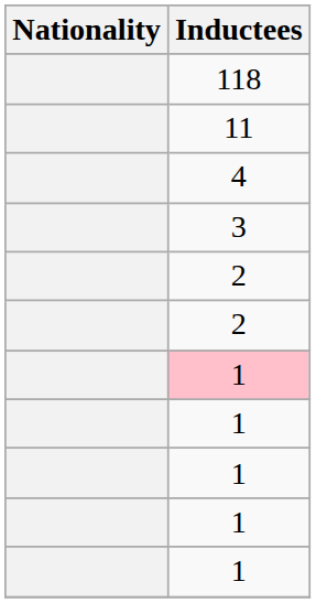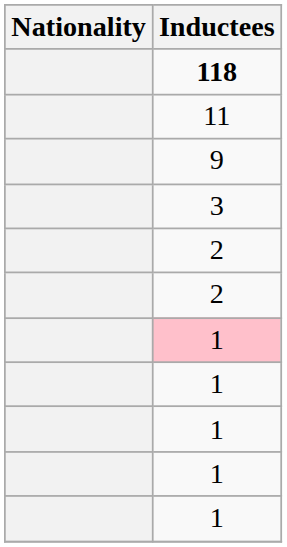 <table class="sortable wikitable plainrowheaders" style="text-align:center">
 <tr>
 <th scope=col>Nationality</th>
 <th scope=col data-sort-type=number>Inductees</th>
 </tr>
 <tr>
 <th scope="row"></th>
-<td>118</td>
+<td><strong>118</strong></td>
 </tr>
 <tr>
 <th scope="row"></th>
 <td>11</td>
 </tr>
 <tr>
 <th scope="row"></th>
-<td>4</td>
+<td>9</td>
 </tr>
 <tr>
 <th scope="row"></th>
 <td>3</td>
 </tr>
 <tr>
 <th scope="row"></th>
 <td>2</td>
 </tr>
 <tr>
 <th scope="row"></th>
 <td>2</td>
 </tr>
 <tr>
 <th scope="row"></th>
 <td style="background: pink;">1</td>
 </tr>
 <tr>
 <th scope="row"></th>
 <td>1</td>
 </tr>
 <tr>
 <th scope="row"></th>
 <td>1</td>
 </tr>
 <tr>
 <th scope="row"></th>
 <td>1</td>
 </tr>
 <tr>
 <th scope="row"></th>
 <td>1</td>
 </tr>
 <tr>
 </tr>
 </table>
